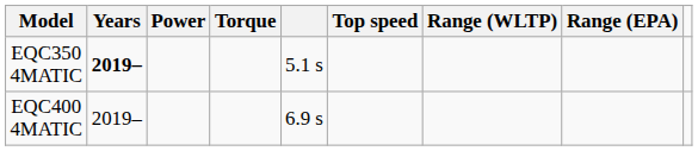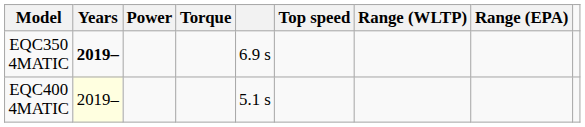 <table class="wikitable sortable" style="text-align: center;">
 <tr>
 <th>Model</th>
 <th>Years</th>
 <th>Power</th>
 <th>Torque</th>
 <th></th>
 <th>Top speed</th>
 <th>Range (WLTP)</th>
 <th>Range (EPA)</th>
 </tr>
 <tr>
 <td>EQC350 <br> 4MATIC</td>
 <td><strong>2019–</strong></td>
 <td></td>
 <td></td>
-<td>5.1 s</td>
+<td>6.9 s</td>
 <td></td>
 <td></td>
 <td></td>
 <td></td>
 </tr>
 <tr>
 <td>EQC400 <br> 4MATIC</td>
-<td>2019–</td>
+<td style="background: lightyellow;">2019–</td>
 <td></td>
 <td></td>
-<td>6.9 s</td>
+<td>5.1 s</td>
 <td></td>
 <td></td>
 <td></td>
 </tr>
 </table>
